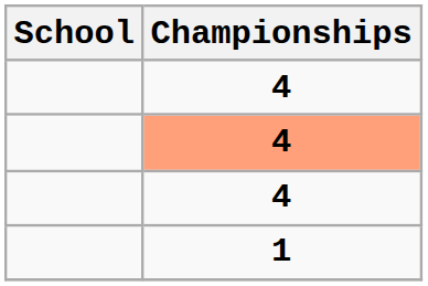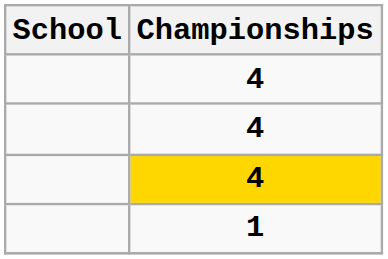 <table class="wikitable sortable" style="text-align:center">
 <tr>
 <th>School</th>
 <th>Championships</th>
 </tr>
 <tr>
 <td><strong><a href='#'></a></strong></td>
 <td><strong>4</strong></td>
 </tr>
 <tr>
 <td><strong><a href='#'></a></strong></td>
-<td style="background: lightsalmon;"><strong>4</strong></td>
+<td><strong>4</strong></td>
 </tr>
 <tr>
 <td><strong><a href='#'></a></strong></td>
-<td><strong>4</strong></td>
+<td style="background: gold;"><strong>4</strong></td>
 </tr>
 <tr>
 <td><strong><a href='#'></a></strong></td>
 <td><strong>1</strong></td>
 </tr>
 <tr>
 </tr>
 </table>
